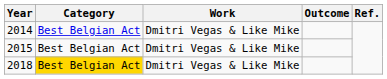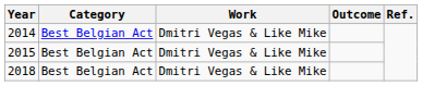 <table class="wikitable">
 <tr>
 <th>Year</th>
 <th>Category</th>
 <th>Work</th>
 <th>Outcome</th>
 <th>Ref.</th>
 </tr>
 <tr>
 <td>2014</td>
 <td><a href='#'>Best Belgian Act</a></td>
 <td>Dmitri Vegas & Like Mike</td>
 <td></td>
 <td rowspan="3"></td>
 </tr>
 <tr>
 <td>2015</td>
 <td>Best Belgian Act</td>
 <td>Dmitri Vegas & Like Mike</td>
 <td></td>
 </tr>
 <tr>
 <td>2018</td>
-<td style="background: gold;">Best Belgian Act</td>
+<td>Best Belgian Act</td>
 <td>Dmitri Vegas & Like Mike</td>
 <td></td>
 </tr>
 </table>
